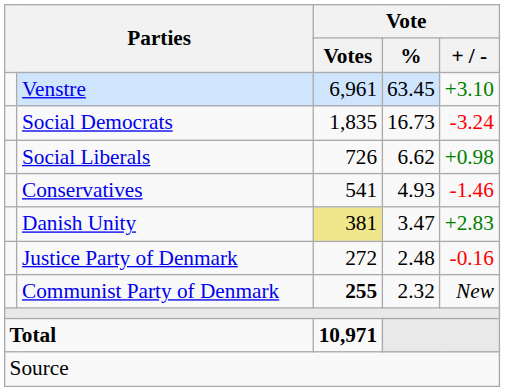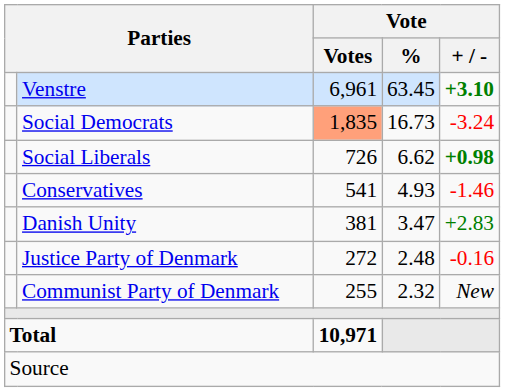 <table class="wikitable" style="text-align:right;">
 <tr>
 <th style="text-align:centre;" rowspan="2" colspan="2" width="225">Parties</th>
 <th colspan="3">Vote</th>
 </tr>
 <tr>
 <th width="15">Votes</th>
 <th width="15">%</th>
 <th width="15">+ / -</th>
 </tr>
 <tr>
 <td width="2" style="color:inherit;background:"></td>
 <td bgcolor=#cfe5fe  align="left"><a href='#'>Venstre</a></td>
 <td bgcolor=#cfe5fe>6,961</td>
 <td bgcolor=#cfe5fe>63.45</td>
-<td style=color:green;>+3.10</td>
+<td style=color:green;><strong>+3.10</strong></td>
 </tr>
 <tr>
 <td width="2" style="color:inherit;background:"></td>
 <td align="left"><a href='#'>Social Democrats</a></td>
-<td>1,835</td>
+<td style="background: lightsalmon;">1,835</td>
 <td>16.73</td>
 <td style=color:red;>-3.24</td>
 </tr>
 <tr>
 <td width="2" style="color:inherit;background:"></td>
 <td align="left"><a href='#'>Social Liberals</a></td>
 <td>726</td>
 <td>6.62</td>
-<td style=color:green;>+0.98</td>
+<td style=color:green;><strong>+0.98</strong></td>
 </tr>
 <tr>
 <td width="2" style="color:inherit;background:"></td>
 <td align="left"><a href='#'>Conservatives</a></td>
 <td>541</td>
 <td>4.93</td>
 <td style=color:red;>-1.46</td>
 </tr>
 <tr>
 <td width="2" style="color:inherit;background:"></td>
 <td align="left"><a href='#'>Danish Unity</a></td>
-<td style="background: khaki;">381</td>
+<td>381</td>
 <td>3.47</td>
 <td style=color:green;>+2.83</td>
 </tr>
 <tr>
 <td width="2" style="color:inherit;background:"></td>
 <td align="left"><a href='#'>Justice Party of Denmark</a></td>
 <td>272</td>
 <td>2.48</td>
 <td style=color:red;>-0.16</td>
 </tr>
 <tr>
 <td width="2" style="color:inherit;background:"></td>
 <td align="left"><a href='#'>Communist Party of Denmark</a></td>
-<td><strong>255</strong></td>
+<td>255</td>
 <td>2.32</td>
 <td><em>New</em></td>
 </tr>
 <tr>
 <td colspan="7" bgcolor="#E9E9E9"></td>
 </tr>
 <tr>
 <td align="left" colspan="2"><strong>Total</strong></td>
 <td><strong>10,971</strong></td>
 <td bgcolor="#E9E9E9" colspan="2"></td>
 </tr>
 <tr>
 <td align="left" colspan="6">Source</td>
 </tr>
 </table>
